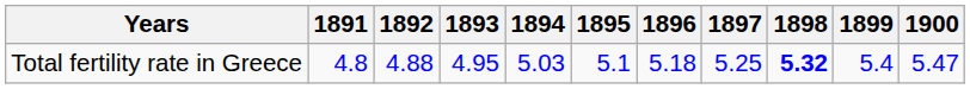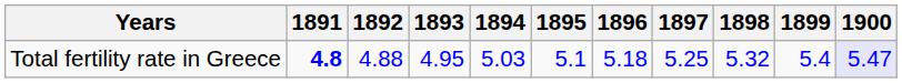 <table class="wikitable " style="text-align:right">
 <tr>
 <th>Years</th>
 <th>1891</th>
 <th>1892</th>
 <th>1893</th>
 <th>1894</th>
 <th>1895</th>
 <th>1896</th>
 <th>1897</th>
 <th>1898</th>
 <th>1899</th>
 <th>1900</th>
 </tr>
 <tr>
 <td align="left">Total fertility rate in Greece</td>
-<td style="text-align:right; color:blue;">4.8</td>
+<td style="text-align:right; color:blue;"><strong>4.8</strong></td>
 <td style="text-align:right; color:blue;">4.88</td>
 <td style="text-align:right; color:blue;">4.95</td>
 <td style="text-align:right; color:blue;">5.03</td>
 <td style="text-align:right; color:blue;">5.1</td>
 <td style="text-align:right; color:blue;">5.18</td>
 <td style="text-align:right; color:blue;">5.25</td>
-<td style="text-align:right; color:blue;"><strong>5.32</strong></td>
+<td style="text-align:right; color:blue;">5.32</td>
 <td style="text-align:right; color:blue;">5.4</td>
-<td style="text-align:right; color:blue;">5.47</td>
+<td style="background: lavender; text-align:right; color:blue;">5.47</td>
 </tr>
 </table>
